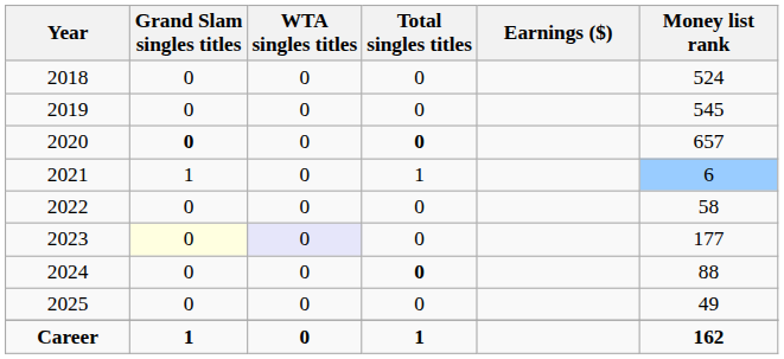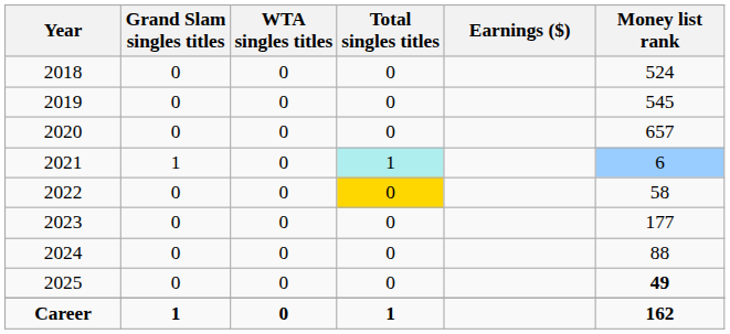 <table class="wikitable" style="text-align:center">
 <tr>
 <th width="90">Year</th>
 <th>Grand Slam<br>singles titles</th>
 <th>WTA <br>singles titles</th>
 <th>Total<br>singles titles</th>
 <th width="120">Earnings ($)</th>
 <th width="100">Money list rank</th>
 </tr>
 <tr>
 <td>2018</td>
 <td>0</td>
 <td>0</td>
 <td>0</td>
 <td align="right"></td>
 <td>524</td>
 </tr>
 <tr>
 <td>2019</td>
 <td>0</td>
 <td>0</td>
 <td>0</td>
 <td align="right"></td>
 <td>545</td>
 </tr>
 <tr>
 <td>2020</td>
-<td><strong>0</strong></td>
 <td>0</td>
-<td><strong>0</strong></td>
+<td>0</td>
+<td>0</td>
 <td align="right"></td>
 <td>657</td>
 </tr>
 <tr>
 <td>2021</td>
 <td>1</td>
 <td>0</td>
-<td>1</td>
+<td style="background: paleturquoise;">1</td>
 <td align="right"></td>
 <td bgcolor="99ccff">6</td>
 </tr>
 <tr>
 <td>2022</td>
 <td>0</td>
 <td>0</td>
-<td>0</td>
+<td style="background: gold;">0</td>
 <td align="right"></td>
 <td>58</td>
 </tr>
 <tr>
 <td>2023</td>
-<td style="background: lightyellow;">0</td>
-<td style="background: lavender;">0</td>
+<td>0</td>
+<td>0</td>
 <td>0</td>
 <td align="right"></td>
 <td>177</td>
 </tr>
 <tr>
 <td>2024</td>
 <td>0</td>
 <td>0</td>
-<td><strong>0</strong></td>
+<td>0</td>
 <td align="right"></td>
 <td>88</td>
 </tr>
 <tr>
 <td>2025</td>
 <td>0</td>
 <td>0</td>
 <td>0</td>
 <td align="right"></td>
-<td>49</td>
+<td><strong>49</strong></td>
 </tr>
 <tr>
 </tr>
 <tr style="font-weight:bold">
 <td>Career</td>
 <td>1</td>
 <td>0</td>
 <td>1</td>
 <td align="right"></td>
 <td>162</td>
 </tr>
 </table>
